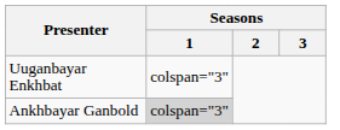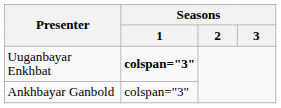 <table class="wikitable" width:"80%">
 <tr>
 <th rowspan="2"  width="135">Presenter</th>
 <th colspan="3" style=text-align:center;>Seasons</th>
 </tr>
 <tr>
 <th width="40">1</th>
 <th width="40">2</th>
 <th width="40">3</th>
 </tr>
 <tr>
 <td>Uuganbayar Enkhbat</td>
-<td>colspan="3" </td>
+<td><strong>colspan="3" </strong></td>
 </tr>
 <tr>
 <td>Ankhbayar Ganbold</td>
-<td style="background: lightgrey;">colspan="3" </td>
+<td>colspan="3" </td>
 </tr>
 </table>
